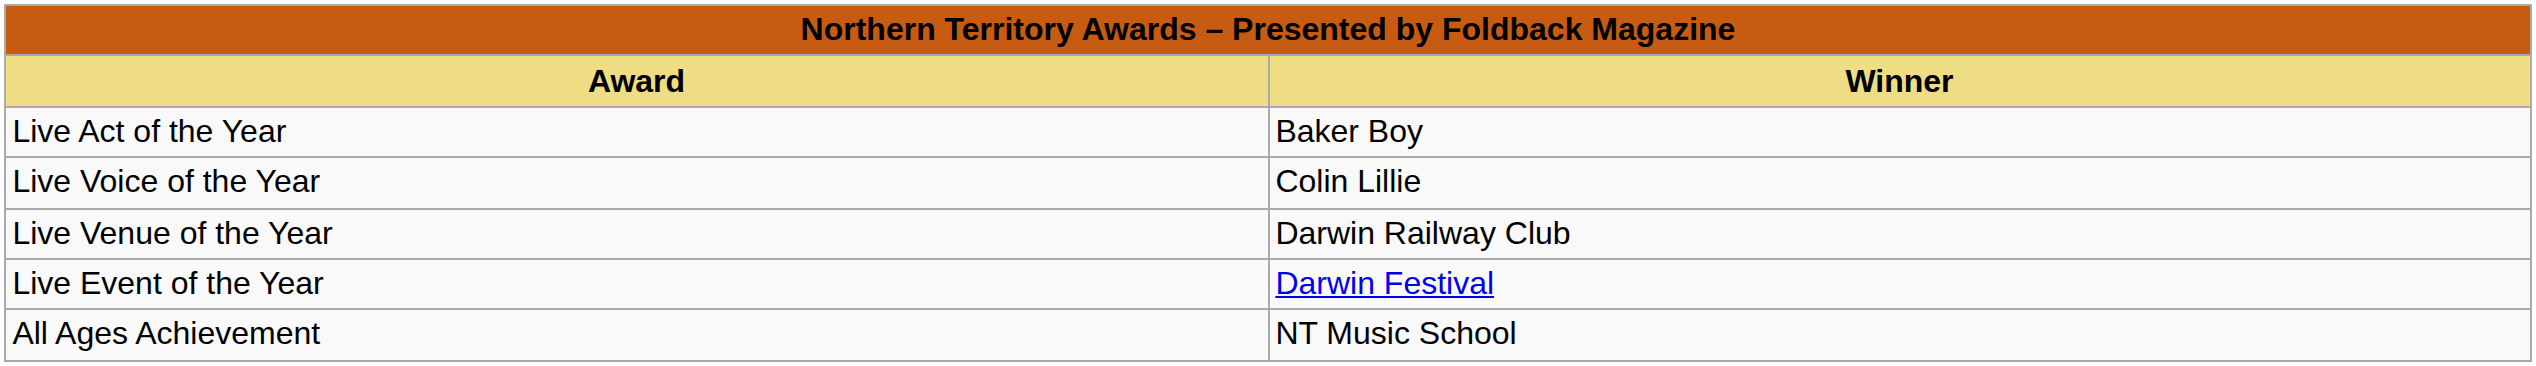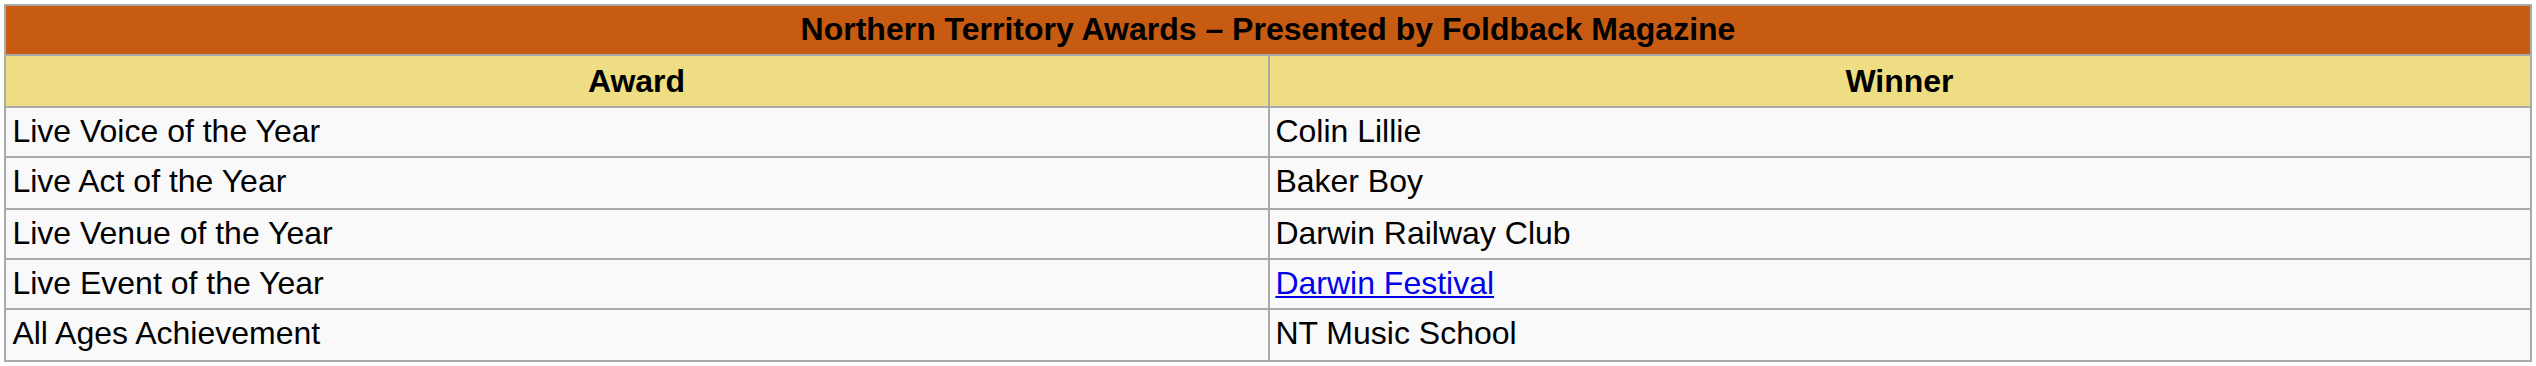 <table class="wikitable" width=100%>
 <tr>
 <th colspan="2" ! style="width:15%;background:#C75B12">Northern Territory Awards – Presented by Foldback Magazine</th>
 </tr>
 <tr>
 <th style="width:10%;background:#EEDD82;">Award</th>
 <th style="width:10%;background:#EEDD82;">Winner</th>
 </tr>
 <tr>
+<td>Live Voice of the Year</td>
+<td>Colin Lillie</td>
+</tr>
+<tr>
 <td>Live Act of the Year</td>
 <td>Baker Boy</td>
-</tr>
-<tr>
-<td>Live Voice of the Year</td>
-<td>Colin Lillie</td>
 </tr>
 <tr>
 <td>Live Venue of the Year</td>
 <td>Darwin Railway Club</td>
 </tr>
 <tr>
 <td>Live Event of the Year</td>
 <td><a href='#'>Darwin Festival</a></td>
 </tr>
 <tr>
 <td>All Ages Achievement</td>
 <td>NT Music School</td>
 </tr>
 </table>
